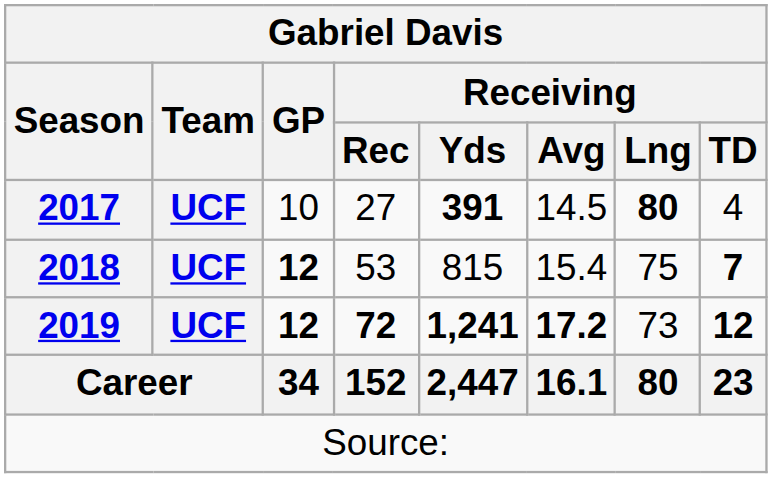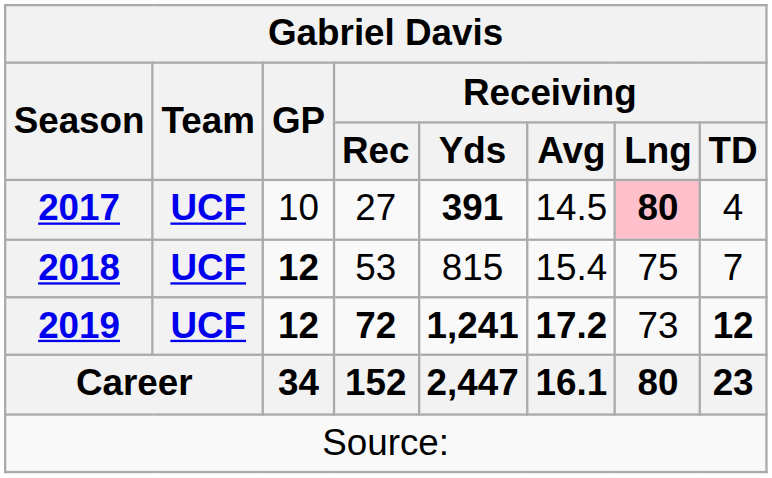 <table class=wikitable style="text-align:center;">
 <tr>
 <th colspan="8">Gabriel Davis</th>
 </tr>
 <tr>
 <th rowspan="2">Season</th>
 <th rowspan="2">Team</th>
 <th rowspan="2">GP</th>
 <th colspan="5">Receiving</th>
 </tr>
 <tr>
 <th>Rec</th>
 <th>Yds</th>
 <th>Avg</th>
 <th>Lng</th>
 <th>TD</th>
 </tr>
 <tr>
 <th><a href='#'>2017</a></th>
 <th><a href='#'>UCF</a></th>
 <td>10</td>
 <td>27</td>
 <td><strong>391</strong></td>
 <td>14.5</td>
-<td><strong>80</strong></td>
+<td style="background: pink;"><strong>80</strong></td>
 <td>4</td>
 </tr>
 <tr>
 <th><a href='#'>2018</a></th>
 <th><a href='#'>UCF</a></th>
 <td><strong>12</strong></td>
 <td>53</td>
 <td>815</td>
 <td>15.4</td>
 <td>75</td>
-<td><strong>7</strong></td>
+<td>7</td>
 </tr>
 <tr>
 <th><a href='#'>2019</a></th>
 <th><a href='#'>UCF</a></th>
 <td><strong>12</strong></td>
 <td><strong>72</strong></td>
 <td><strong>1,241</strong></td>
 <td><strong>17.2</strong></td>
 <td>73</td>
 <td><strong>12</strong></td>
 </tr>
 <tr>
 <th colspan="2">Career</th>
 <th>34</th>
 <th>152</th>
 <th>2,447</th>
 <th>16.1</th>
 <th>80</th>
 <th>23</th>
 </tr>
 <tr>
 <td colspan="8">Source: </td>
 </tr>
 </table>
